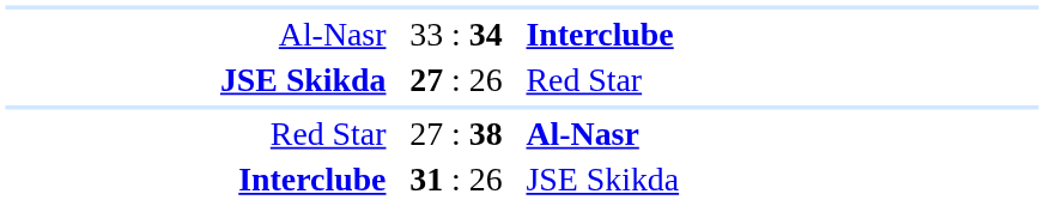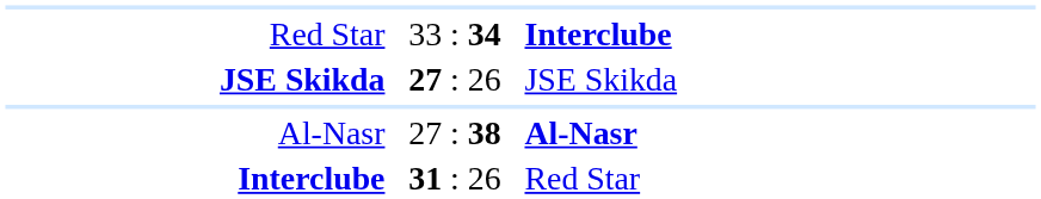 <table style="text-align:center" width=500>
 <tr>
 <th width=30%></th>
 <th width=10%></th>
 <th width=30%></th>
 <th width=10%></th>
 </tr>
 <tr align="left" bgcolor=#D0E7FF>
 <td colspan=4></td>
 </tr>
 <tr>
-<td align="right"><a href='#'>Al-Nasr</a> </td>
+<td align="right"><a href='#'>Red Star</a> </td>
 <td>33 : <strong>34</strong></td>
 <td align=left> <strong><a href='#'>Interclube</a></strong></td>
 </tr>
 <tr>
 <td align="right"><strong><a href='#'>JSE Skikda</a></strong> </td>
 <td><strong>27</strong> : 26</td>
-<td align=left> <a href='#'>Red Star</a></td>
+<td align=left> <a href='#'>JSE Skikda</a></td>
 </tr>
 <tr align="left" bgcolor=#D0E7FF>
 <td colspan=4></td>
 </tr>
 <tr>
-<td align="right"><a href='#'>Red Star</a> </td>
+<td align="right"><a href='#'>Al-Nasr</a> </td>
 <td>27 : <strong>38</strong></td>
 <td align=left> <strong><a href='#'>Al-Nasr</a></strong></td>
 </tr>
 <tr>
 <td align="right"><strong><a href='#'>Interclube</a></strong> </td>
 <td><strong>31</strong> : 26</td>
-<td align=left> <a href='#'>JSE Skikda</a></td>
+<td align=left> <a href='#'>Red Star</a></td>
 </tr>
 </table>
